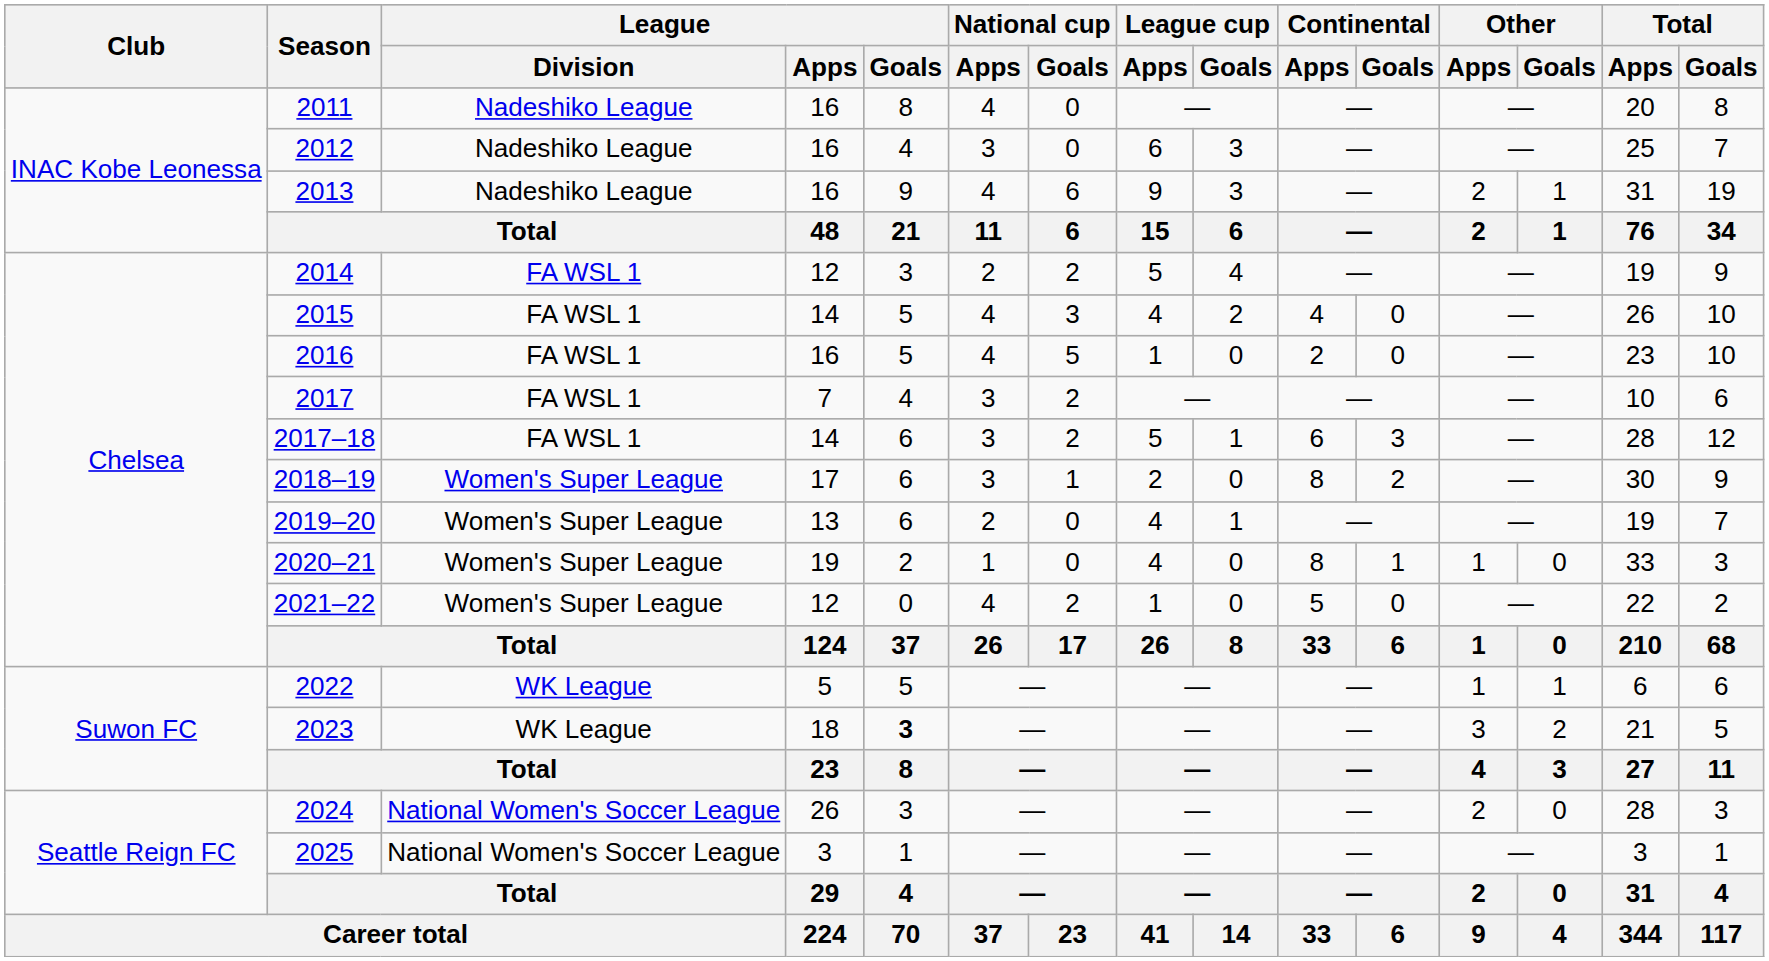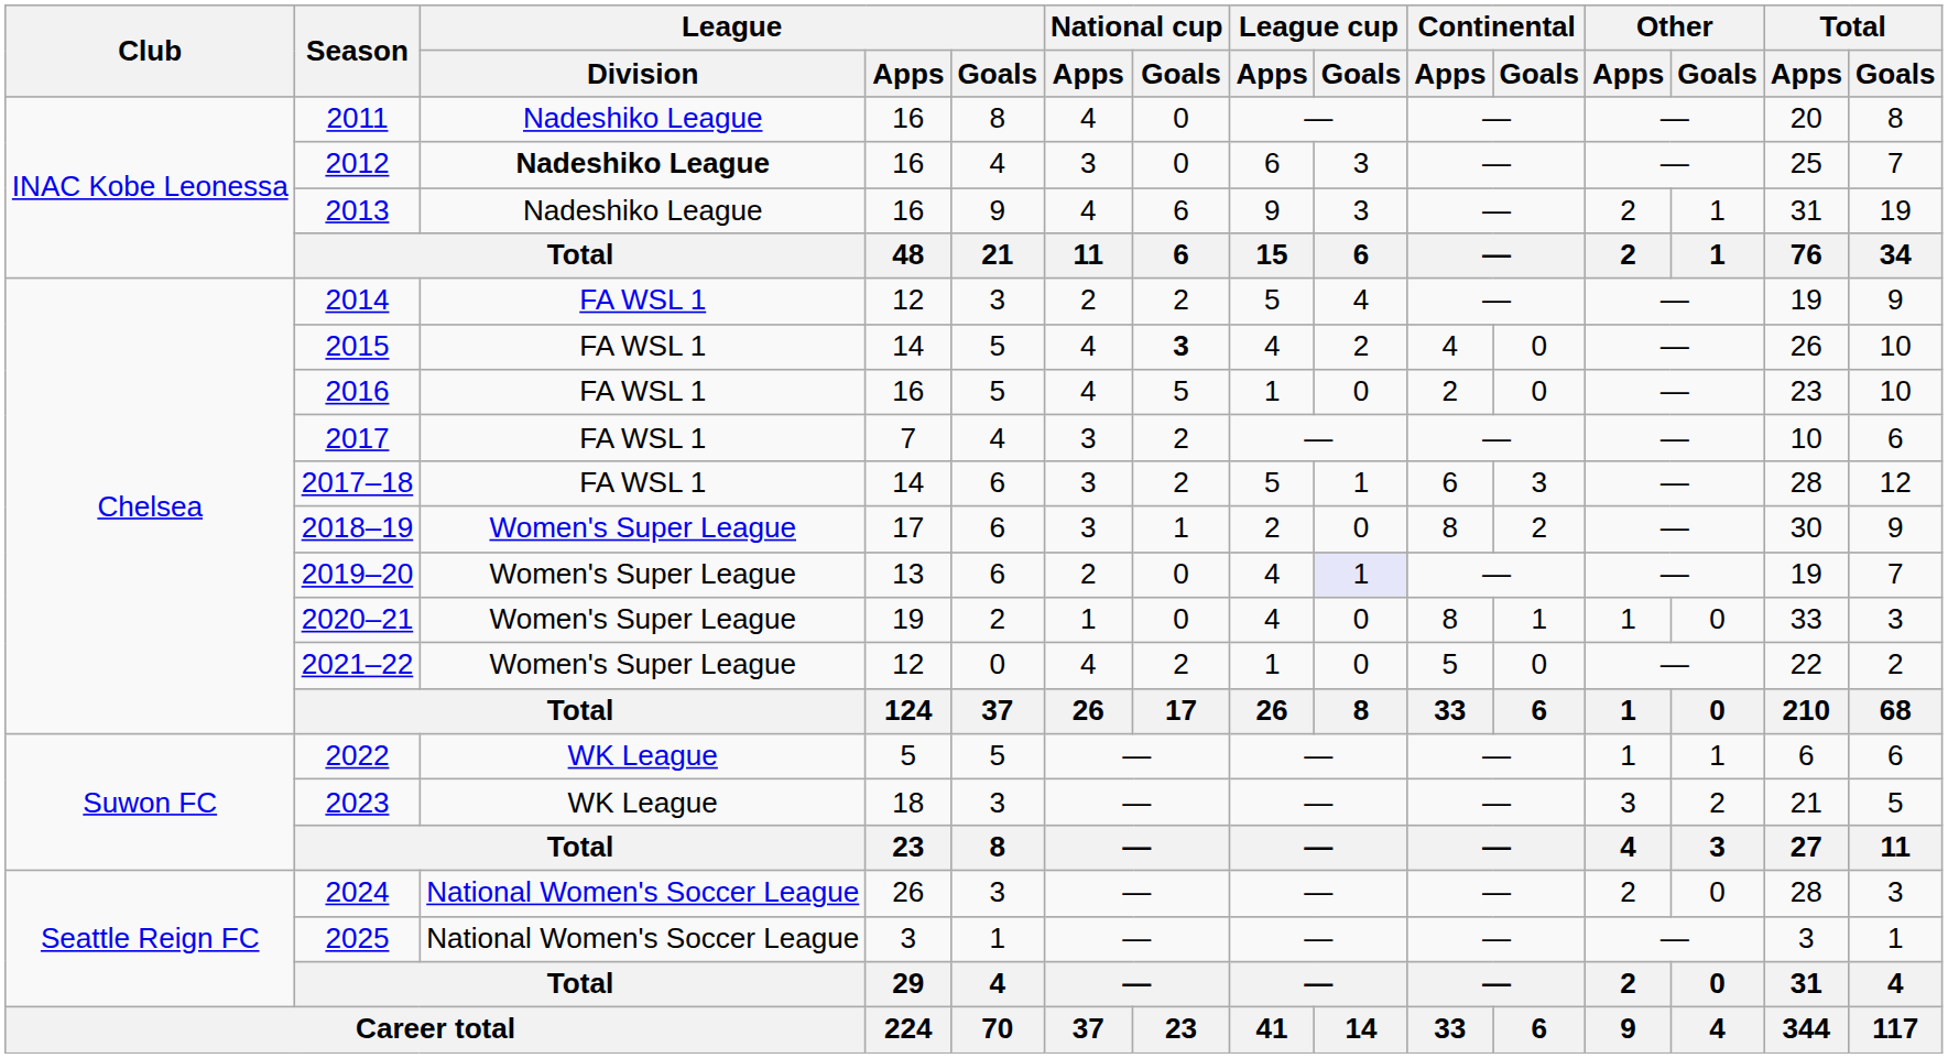 <table class="wikitable" style="text-align: center;">
 <tr>
 <th rowspan="2">Club</th>
 <th rowspan="2">Season</th>
 <th colspan="3">League</th>
 <th colspan="2">National cup</th>
 <th colspan="2">League cup</th>
 <th colspan="2">Continental</th>
 <th colspan="2">Other</th>
 <th colspan="2">Total</th>
 </tr>
 <tr>
 <th>Division</th>
 <th>Apps</th>
 <th>Goals</th>
 <th>Apps</th>
 <th>Goals</th>
 <th>Apps</th>
 <th>Goals</th>
 <th>Apps</th>
 <th>Goals</th>
 <th>Apps</th>
 <th>Goals</th>
 <th>Apps</th>
 <th>Goals</th>
 </tr>
 <tr>
 <td rowspan="4"><a href='#'>INAC Kobe Leonessa</a></td>
 <td><a href='#'>2011</a></td>
 <td><a href='#'>Nadeshiko League</a></td>
 <td>16</td>
 <td>8</td>
 <td>4</td>
 <td>0</td>
 <td colspan=2>—</td>
 <td colspan=2>—</td>
 <td colspan=2>—</td>
 <td>20</td>
 <td>8</td>
 </tr>
 <tr>
 <td><a href='#'>2012</a></td>
-<td>Nadeshiko League</td>
+<td><strong>Nadeshiko League</strong></td>
 <td>16</td>
 <td>4</td>
 <td>3</td>
 <td>0</td>
 <td>6</td>
 <td>3</td>
 <td colspan=2>—</td>
 <td colspan=2>—</td>
 <td>25</td>
 <td>7</td>
 </tr>
 <tr>
 <td><a href='#'>2013</a></td>
 <td>Nadeshiko League</td>
 <td>16</td>
 <td>9</td>
 <td>4</td>
 <td>6</td>
 <td>9</td>
 <td>3</td>
 <td colspan=2>—</td>
 <td>2</td>
 <td>1</td>
 <td>31</td>
 <td>19</td>
 </tr>
 <tr>
 <th colspan="2">Total</th>
 <th>48</th>
 <th>21</th>
 <th>11</th>
 <th>6</th>
 <th>15</th>
 <th>6</th>
 <th colspan=2>—</th>
 <th>2</th>
 <th>1</th>
 <th>76</th>
 <th>34</th>
 </tr>
 <tr>
 <td rowspan="10"><a href='#'>Chelsea</a></td>
 <td><a href='#'>2014</a></td>
 <td><a href='#'>FA WSL 1</a></td>
 <td>12</td>
 <td>3</td>
 <td>2</td>
 <td>2</td>
 <td>5</td>
 <td>4</td>
 <td colspan=2>—</td>
 <td colspan=2>—</td>
 <td>19</td>
 <td>9</td>
 </tr>
 <tr>
 <td><a href='#'>2015</a></td>
 <td>FA WSL 1</td>
 <td>14</td>
 <td>5</td>
 <td>4</td>
-<td>3</td>
+<td><strong>3</strong></td>
 <td>4</td>
 <td>2</td>
 <td>4</td>
 <td>0</td>
 <td colspan=2>—</td>
 <td>26</td>
 <td>10</td>
 </tr>
 <tr>
 <td><a href='#'>2016</a></td>
 <td>FA WSL 1</td>
 <td>16</td>
 <td>5</td>
 <td>4</td>
 <td>5</td>
 <td>1</td>
 <td>0</td>
 <td>2</td>
 <td>0</td>
 <td colspan=2>—</td>
 <td>23</td>
 <td>10</td>
 </tr>
 <tr>
 <td><a href='#'>2017</a></td>
 <td>FA WSL 1</td>
 <td>7</td>
 <td>4</td>
 <td>3</td>
 <td>2</td>
 <td colspan=2>—</td>
 <td colspan=2>—</td>
 <td colspan=2>—</td>
 <td>10</td>
 <td>6</td>
 </tr>
 <tr>
 <td><a href='#'>2017–18</a></td>
 <td>FA WSL 1</td>
 <td>14</td>
 <td>6</td>
 <td>3</td>
 <td>2</td>
 <td>5</td>
 <td>1</td>
 <td>6</td>
 <td>3</td>
 <td colspan=2>—</td>
 <td>28</td>
 <td>12</td>
 </tr>
 <tr>
 <td><a href='#'>2018–19</a></td>
 <td><a href='#'>Women's Super League</a></td>
 <td>17</td>
 <td>6</td>
 <td>3</td>
 <td>1</td>
 <td>2</td>
 <td>0</td>
 <td>8</td>
 <td>2</td>
 <td colspan=2>—</td>
 <td>30</td>
 <td>9</td>
 </tr>
 <tr>
 <td><a href='#'>2019–20</a></td>
 <td>Women's Super League</td>
 <td>13</td>
 <td>6</td>
 <td>2</td>
 <td>0</td>
 <td>4</td>
-<td>1</td>
+<td style="background: lavender;">1</td>
 <td colspan=2>—</td>
 <td colspan=2>—</td>
 <td>19</td>
 <td>7</td>
 </tr>
 <tr>
 <td><a href='#'>2020–21</a></td>
 <td>Women's Super League</td>
 <td>19</td>
 <td>2</td>
 <td>1</td>
 <td>0</td>
 <td>4</td>
 <td>0</td>
 <td>8</td>
 <td>1</td>
 <td>1</td>
 <td>0</td>
 <td>33</td>
 <td>3</td>
 </tr>
 <tr>
 <td><a href='#'>2021–22</a></td>
 <td>Women's Super League</td>
 <td>12</td>
 <td>0</td>
 <td>4</td>
 <td>2</td>
 <td>1</td>
 <td>0</td>
 <td>5</td>
 <td>0</td>
 <td colspan=2>—</td>
 <td>22</td>
 <td>2</td>
 </tr>
 <tr>
 <th colspan="2">Total</th>
 <th>124</th>
 <th>37</th>
 <th>26</th>
 <th>17</th>
 <th>26</th>
 <th>8</th>
 <th>33</th>
 <th>6</th>
 <th>1</th>
 <th>0</th>
 <th>210</th>
 <th>68</th>
 </tr>
 <tr>
 <td rowspan="3"><a href='#'>Suwon FC</a></td>
 <td><a href='#'>2022</a></td>
 <td><a href='#'>WK League</a></td>
 <td>5</td>
 <td>5</td>
 <td colspan=2>—</td>
 <td colspan=2>—</td>
 <td colspan=2>—</td>
 <td>1</td>
 <td>1</td>
 <td>6</td>
 <td>6</td>
 </tr>
 <tr>
 <td><a href='#'>2023</a></td>
 <td>WK League</td>
 <td>18</td>
-<td><strong>3</strong></td>
+<td>3</td>
 <td colspan=2>—</td>
 <td colspan=2>—</td>
 <td colspan=2>—</td>
 <td>3</td>
 <td>2</td>
 <td>21</td>
 <td>5</td>
 </tr>
 <tr>
 <th colspan="2">Total</th>
 <th>23</th>
 <th>8</th>
 <th colspan=2>—</th>
 <th colspan=2>—</th>
 <th colspan=2>—</th>
 <th>4</th>
 <th>3</th>
 <th>27</th>
 <th>11</th>
 </tr>
 <tr>
 <td rowspan="3"><a href='#'>Seattle Reign FC</a></td>
 <td><a href='#'>2024</a></td>
 <td><a href='#'>National Women's Soccer League</a></td>
 <td>26</td>
 <td>3</td>
 <td colspan="2">—</td>
 <td colspan="2">—</td>
 <td colspan="2">—</td>
 <td>2</td>
 <td>0</td>
 <td>28</td>
 <td>3</td>
 </tr>
 <tr>
 <td><a href='#'>2025</a></td>
 <td>National Women's Soccer League</td>
 <td>3</td>
 <td>1</td>
 <td colspan="2">—</td>
 <td colspan="2">—</td>
 <td colspan="2">—</td>
 <td colspan="2">—</td>
 <td>3</td>
 <td>1</td>
 </tr>
 <tr>
 <th colspan="2">Total</th>
 <th>29</th>
 <th>4</th>
 <th colspan="2">—</th>
 <th colspan="2">—</th>
 <th colspan="2">—</th>
 <th>2</th>
 <th>0</th>
 <th>31</th>
 <th>4</th>
 </tr>
 <tr>
 <th colspan="3">Career total</th>
 <th>224</th>
 <th>70</th>
 <th>37</th>
 <th>23</th>
 <th>41</th>
 <th>14</th>
 <th>33</th>
 <th>6</th>
 <th>9</th>
 <th>4</th>
 <th>344</th>
 <th>117</th>
 </tr>
 </table>
